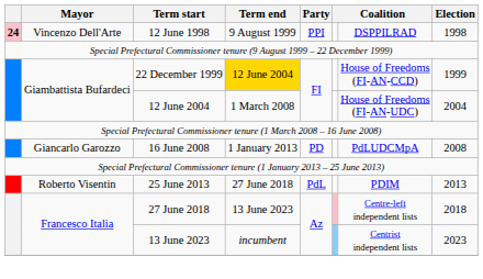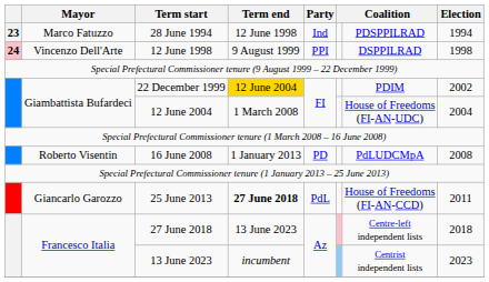 <table class="wikitable" style="text-align: center;">
 <tr>
 <th class=unsortable> </th>
 <th>Mayor</th>
 <th>Term start</th>
 <th>Term end</th>
 <th>Party</th>
 <th colspan="2">Coalition</th>
 <th>Election</th>
+</tr>
+<tr>
+<th style="background:">23</th>
+<td>Marco Fatuzzo</td>
+<td>28 June 1994</td>
+<td>12 June 1998</td>
+<td><a href='#'>Ind</a></td>
+<td style="background: "></td>
+<td><a href='#'>PDS</a><a href='#'>PPI</a><a href='#'>LR</a><a href='#'>AD</a></td>
+<td>1994</td>
 </tr>
 <tr>
 <th style="background:pink;">24</th>
 <td>Vincenzo Dell'Arte</td>
 <td>12 June 1998</td>
 <td>9 August 1999</td>
 <td><a href='#'>PPI</a></td>
 <td style="background: "></td>
 <td><a href='#'>DS</a><a href='#'>PPI</a><a href='#'>LR</a><a href='#'>AD</a></td>
 <td>1998</td>
 </tr>
 <tr>
 <td colspan="8"><small><em>Special Prefectural Commissioner tenure (9 August 1999 – 22 December 1999)</em></small></td>
 </tr>
 <tr>
 <th rowspan=2 style="background:#007FFF;"></th>
 <td rowspan=2>Giambattista Bufardeci</td>
 <td>22 December 1999</td>
 <td style="background: gold;">12 June 2004</td>
 <td rowspan=2><a href='#'>FI</a></td>
 <td style="background: "></td>
-<td><a href='#'>House of Freedoms</a><br>(<a href='#'>FI</a>-<a href='#'>AN</a>-<a href='#'>CCD</a>)</td>
-<td>1999</td>
+<td><a href='#'>PD</a><a href='#'>IM</a></td>
+<td>2002</td>
 </tr>
 <tr>
 <td>12 June 2004</td>
 <td>1 March 2008</td>
 <td style="background: "></td>
 <td><a href='#'>House of Freedoms</a><br>(<a href='#'>FI</a>-<a href='#'>AN</a>-<a href='#'>UDC</a>)</td>
 <td>2004</td>
 </tr>
 <tr>
 <td colspan="8"><small><em>Special Prefectural Commissioner tenure (1 March 2008 – 16 June 2008)</em></small></td>
 </tr>
 <tr>
 <th style="background:#007FFF;"></th>
-<td>Giancarlo Garozzo</td>
+<td>Roberto Visentin</td>
 <td>16 June 2008</td>
 <td>1 January 2013</td>
 <td><a href='#'>PD</a></td>
 <td style="background: "></td>
 <td><a href='#'>PdL</a><a href='#'>UDC</a><a href='#'>MpA</a></td>
 <td>2008</td>
 </tr>
 <tr>
 <td colspan="8"><small><em>Special Prefectural Commissioner tenure (1 January 2013 – 25 June 2013)</em></small></td>
 </tr>
 <tr>
 <th style="background:#FF0000;"></th>
-<td>Roberto Visentin</td>
+<td>Giancarlo Garozzo</td>
 <td>25 June 2013</td>
-<td>27 June 2018</td>
+<td><strong>27 June 2018</strong></td>
 <td><a href='#'>PdL</a></td>
 <td style="background: "></td>
-<td><a href='#'>PD</a><a href='#'>IM</a></td>
-<td>2013</td>
+<td><a href='#'>House of Freedoms</a><br>(<a href='#'>FI</a>-<a href='#'>AN</a>-<a href='#'>CCD</a>)</td>
+<td>2011</td>
 </tr>
 <tr>
 <th rowspan=2 style="background:"></th>
 <td rowspan=2><a href='#'>Francesco Italia</a></td>
 <td>27 June 2018</td>
 <td>13 June 2023</td>
 <td rowspan=2><a href='#'>Az</a></td>
 <td style="background:pink;"></td>
 <td><small><a href='#'>Centre-left</a> <br>independent lists</small></td>
 <td>2018</td>
 </tr>
 <tr>
 <td>13 June 2023</td>
 <td><em>incumbent</em></td>
 <td style="background:#87CEFA;"></td>
 <td><small><a href='#'>Centrist</a> <br>independent lists</small></td>
 <td>2023</td>
 </tr>
 <tr>
 </tr>
 </table>
